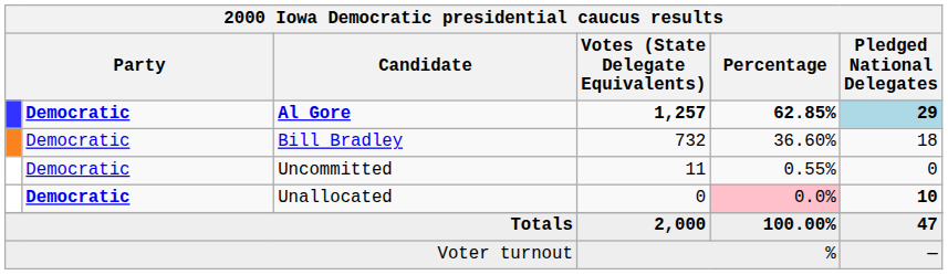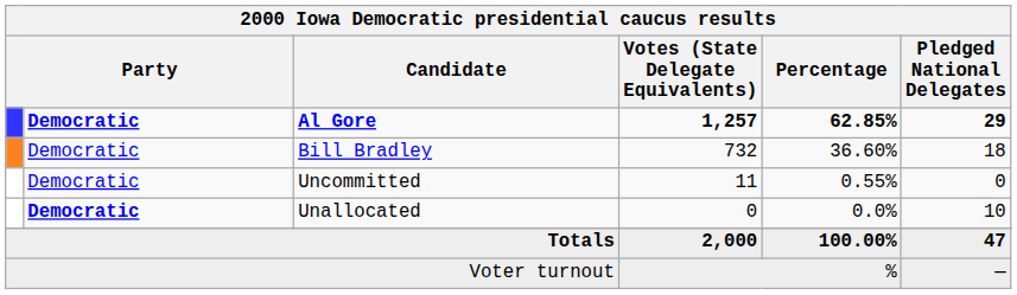 <table class="wikitable" style="font-size:95%;">
 <tr>
 <th colspan="7">2000 Iowa Democratic presidential caucus results</th>
 </tr>
 <tr>
 <th colspan="2" style="width: 15em">Party</th>
 <th style="width: 17em">Candidate</th>
 <th style="width: 5em">Votes (State Delegate Equivalents)</th>
 <th style="width: 7em">Percentage</th>
 <th style="width: 5em">Pledged National Delegates<br></th>
 </tr>
 <tr>
 <th style="background-color:#3333FF; width: 3px"></th>
 <td style="width: 130px"><strong><a href='#'>Democratic</a></strong></td>
 <td><strong><a href='#'>Al Gore</a></strong></td>
 <td align="right"><strong>1,257</strong></td>
 <td align="right"><strong>62.85%</strong></td>
-<td align="right" style="background: lightblue;"><strong>29</strong></td>
+<td align="right"><strong>29</strong></td>
 </tr>
 <tr>
 <th style="background-color:#FA8320; width: 3px"></th>
 <td style="width: 130px"><a href='#'>Democratic</a></td>
 <td><a href='#'>Bill Bradley</a></td>
 <td align="right">732</td>
 <td align="right">36.60%</td>
 <td align="right">18</td>
 </tr>
 <tr>
 <th style="background-color:#ffffff; width: 3px"></th>
 <td style="width: 130px"><a href='#'>Democratic</a></td>
 <td>Uncommitted</td>
 <td align="right">11</td>
 <td align="right">0.55%</td>
 <td align="right">0</td>
 </tr>
 <tr>
 <th style="background-color:#ffffff; width: 3px"></th>
 <td style="width: 130px"><strong><a href='#'>Democratic</a></strong></td>
 <td>Unallocated</td>
 <td align="right">0</td>
-<td align="right" style="background: pink;">0.0%</td>
-<td align="right"><strong>10</strong></td>
+<td align="right">0.0%</td>
+<td align="right">10</td>
 </tr>
 <tr>
 </tr>
 <tr bgcolor="#EEEEEE">
 <td colspan="3" align="right"><strong>Totals</strong></td>
 <td align="right"><strong>2,000</strong></td>
 <td align="right"><strong>100.00%</strong></td>
 <td align="right"><strong>47</strong></td>
 </tr>
 <tr bgcolor="#EEEEEE">
 <td colspan="3" align="right">Voter turnout</td>
 <td colspan="2" align="right">%</td>
 <td align="right">—</td>
 </tr>
 </table>
